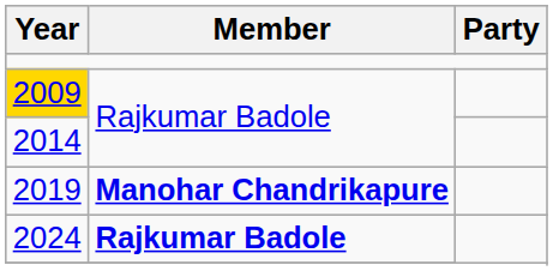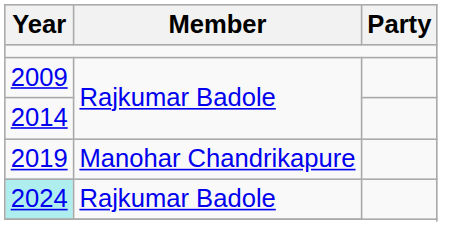 <table class="wikitable">
 <tr>
 <th>Year</th>
 <th>Member</th>
 <th colspan=2>Party</th>
 </tr>
 <tr>
 <td colspan="4"></td>
 </tr>
 <tr>
-<td style="background: gold;"><a href='#'>2009</a></td>
+<td><a href='#'>2009</a></td>
 <td Rowspan=2><a href='#'>Rajkumar Badole</a></td>
 <td></td>
 </tr>
 <tr>
 <td><a href='#'>2014</a></td>
 </tr>
 <tr>
 <td><a href='#'>2019</a></td>
-<td><strong><a href='#'>Manohar Chandrikapure</a></strong></td>
+<td><a href='#'>Manohar Chandrikapure</a></td>
 <td></td>
 </tr>
 <tr>
-<td><a href='#'>2024</a></td>
-<td><strong><a href='#'>Rajkumar Badole</a></strong></td>
+<td style="background: paleturquoise;"><a href='#'>2024</a></td>
+<td><a href='#'>Rajkumar Badole</a></td>
 </tr>
 <tr>
 </tr>
 </table>
